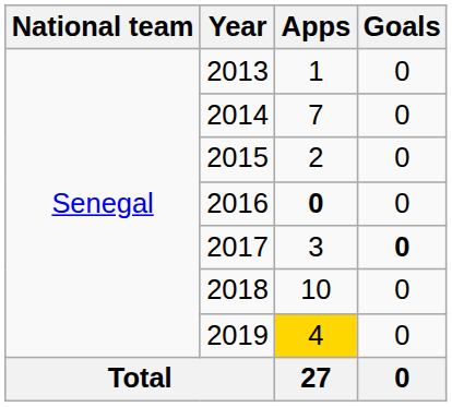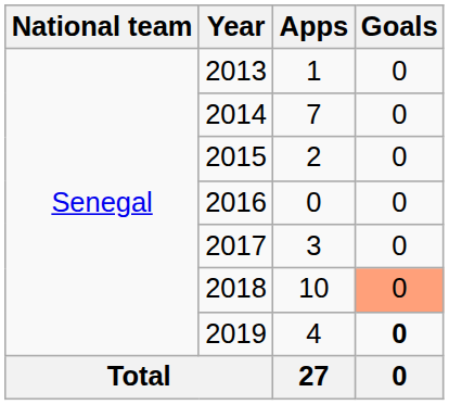 <table class="wikitable" style="text-align:center">
 <tr>
 <th>National team</th>
 <th>Year</th>
 <th>Apps</th>
 <th>Goals</th>
 </tr>
 <tr>
 <td rowspan="7"><a href='#'>Senegal</a></td>
 <td>2013</td>
 <td>1</td>
 <td>0</td>
 </tr>
 <tr>
 <td>2014</td>
 <td>7</td>
 <td>0</td>
 </tr>
 <tr>
 <td>2015</td>
 <td>2</td>
 <td>0</td>
 </tr>
 <tr>
 <td>2016</td>
-<td><strong>0</strong></td>
+<td>0</td>
 <td>0</td>
 </tr>
 <tr>
 <td>2017</td>
 <td>3</td>
-<td><strong>0</strong></td>
+<td>0</td>
 </tr>
 <tr>
 <td>2018</td>
 <td>10</td>
-<td>0</td>
+<td style="background: lightsalmon;">0</td>
 </tr>
 <tr>
 <td>2019</td>
-<td style="background: gold;">4</td>
-<td>0</td>
+<td>4</td>
+<td><strong>0</strong></td>
 </tr>
 <tr>
 <th colspan="2">Total</th>
 <th>27</th>
 <th>0</th>
 </tr>
 </table>
